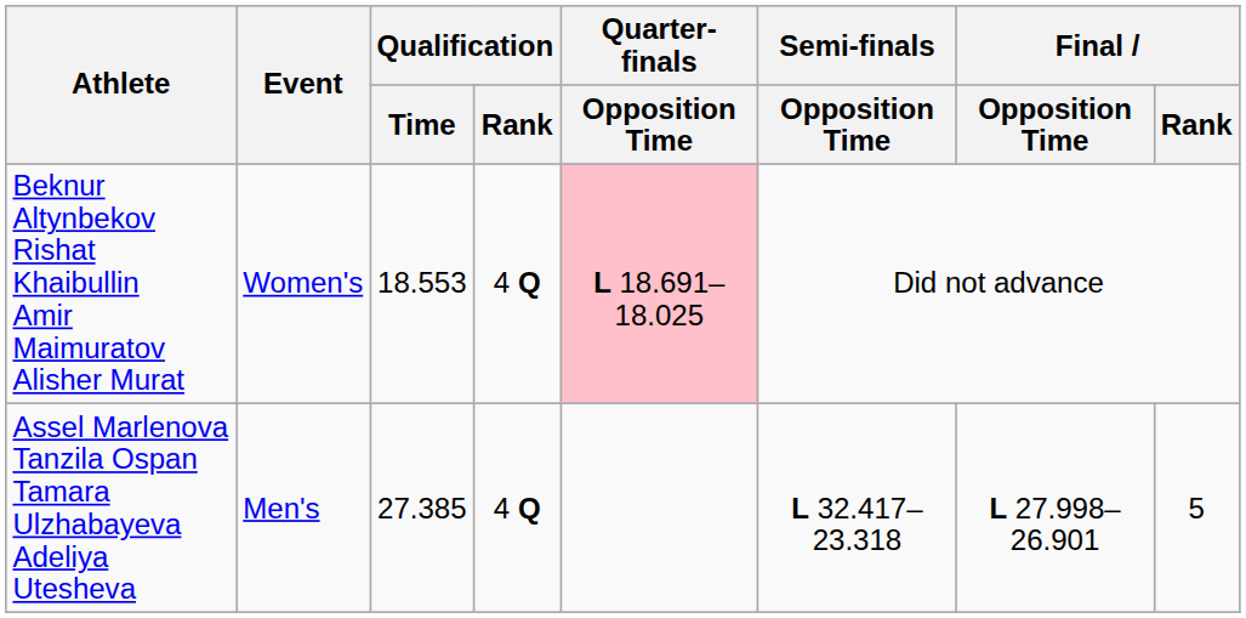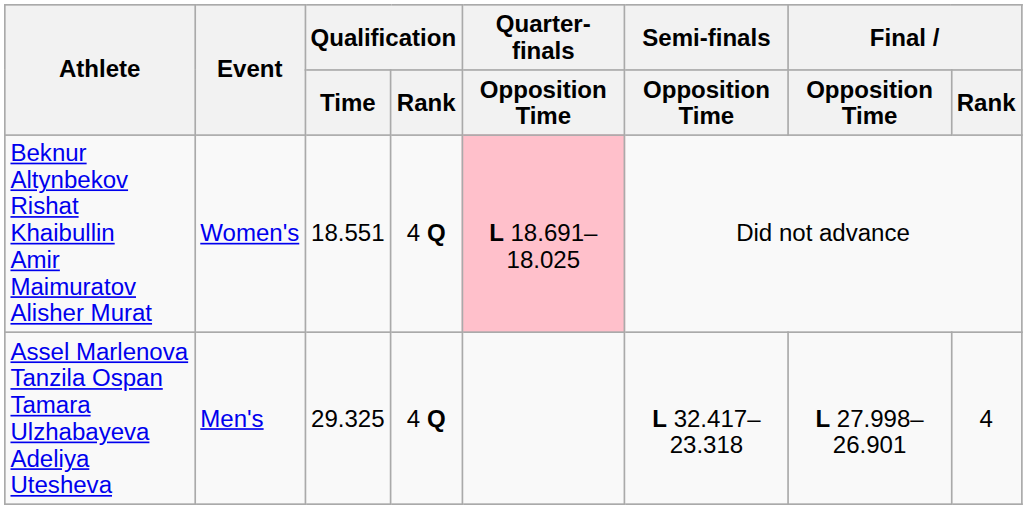 <table class=wikitable style="text-align:center; font-size:90%">
 <tr>
 <th rowspan="2">Athlete</th>
 <th rowspan="2">Event</th>
 <th colspan="2">Qualification</th>
 <th>Quarter-finals</th>
 <th>Semi-finals</th>
 <th colspan="2">Final / </th>
 </tr>
 <tr>
 <th>Time</th>
 <th>Rank</th>
 <th>Opposition<br>Time</th>
 <th>Opposition<br>Time</th>
 <th>Opposition<br>Time</th>
 <th>Rank</th>
 </tr>
 <tr>
 <td align="left"><a href='#'>Beknur Altynbekov</a><br><a href='#'>Rishat Khaibullin</a><br><a href='#'>Amir Maimuratov</a><br><a href='#'>Alisher Murat</a></td>
 <td align="left"><a href='#'>Women's</a></td>
-<td>18.553</td>
+<td>18.551</td>
 <td>4 <strong>Q</strong></td>
 <td style="background: pink;"><br><strong>L</strong> 18.691–18.025</td>
 <td colspan=3>Did not advance</td>
 </tr>
 <tr>
 <td align="left"><a href='#'>Assel Marlenova</a><br><a href='#'>Tanzila Ospan</a><br><a href='#'>Tamara Ulzhabayeva</a><br><a href='#'>Adeliya Utesheva</a></td>
 <td align="left"><a href='#'>Men's</a></td>
-<td>27.385</td>
+<td>29.325</td>
 <td>4 <strong>Q</strong></td>
 <td></td>
 <td><br><strong>L</strong> 32.417–23.318</td>
 <td><br><strong>L</strong> 27.998–26.901</td>
-<td>5</td>
+<td>4</td>
 </tr>
 </table>
